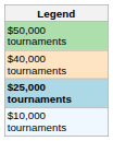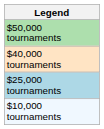 <table class="wikitable" style="font-size:85%;" width=15%>
 <tr>
 <th>Legend</th>
 </tr>
 <tr style="background:#addfad;">
 <td>$50,000 tournaments</td>
 </tr>
 <tr style="background:#ffe4c4;">
 <td>$40,000 tournaments</td>
 </tr>
 <tr style="background:lightblue;">
-<td><strong>$25,000 tournaments</strong></td>
+<td>$25,000 tournaments</td>
 </tr>
 <tr style="background:#f0f8ff;">
 <td>$10,000 tournaments</td>
 </tr>
 </table>
